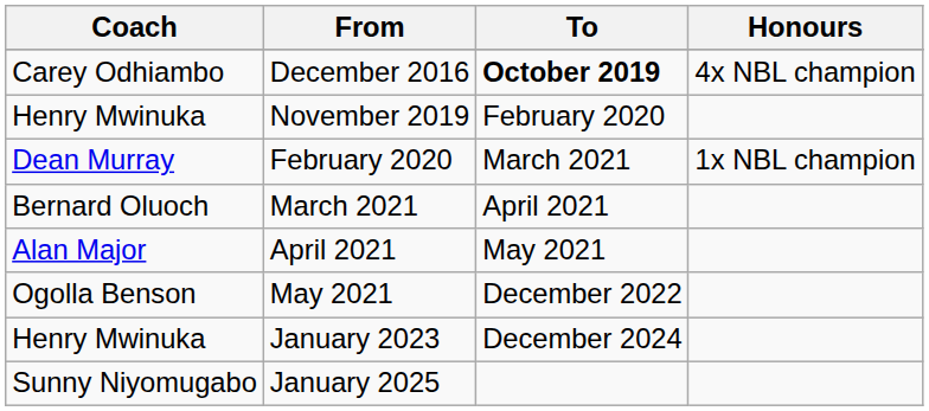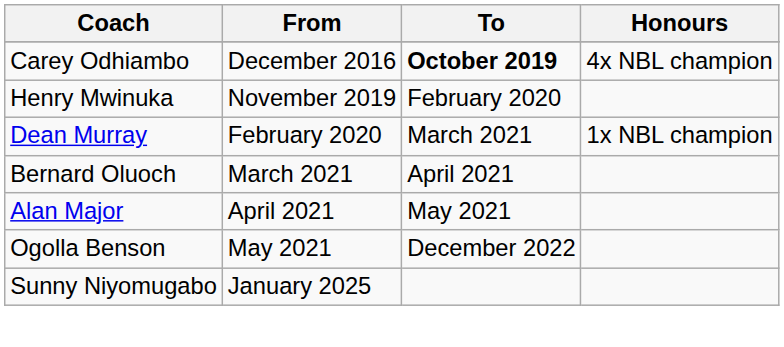 <table class="wikitable sortable">
 <tr>
 <th>Coach</th>
 <th>From</th>
 <th>To</th>
 <th>Honours</th>
 </tr>
 <tr>
 </tr>
 <tr>
 <td> Carey Odhiambo</td>
 <td>December 2016</td>
 <td><strong>October 2019</strong></td>
 <td>4x NBL champion</td>
 </tr>
 <tr>
 <td> Henry Mwinuka</td>
 <td>November 2019</td>
 <td>February 2020</td>
 <td></td>
 </tr>
 <tr>
 <td> <a href='#'>Dean Murray</a></td>
 <td>February 2020</td>
 <td>March 2021</td>
 <td>1x NBL champion</td>
 </tr>
 <tr>
 <td> Bernard Oluoch</td>
 <td>March 2021</td>
 <td>April 2021</td>
 <td></td>
 </tr>
 <tr>
 <td> <a href='#'>Alan Major</a></td>
 <td>April 2021</td>
 <td>May 2021</td>
 <td></td>
 </tr>
 <tr>
 <td> Ogolla Benson</td>
 <td>May 2021</td>
 <td>December 2022</td>
 <td></td>
 </tr>
 <tr>
-<td> Henry Mwinuka</td>
-<td>January 2023</td>
-<td>December 2024</td>
-<td></td>
-</tr>
-<tr>
 <td> Sunny Niyomugabo</td>
 <td>January 2025</td>
 <td></td>
 <td></td>
 </tr>
 </table>
